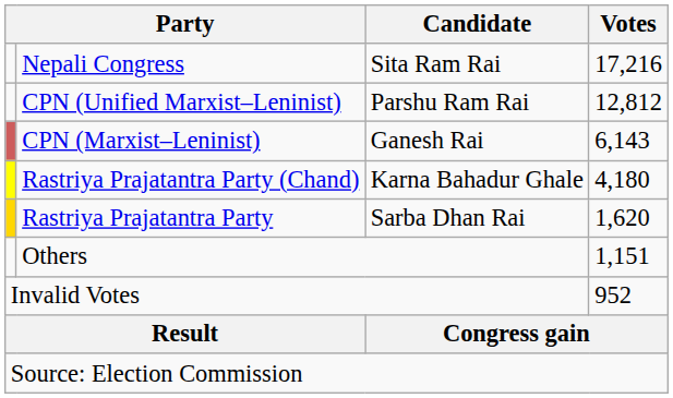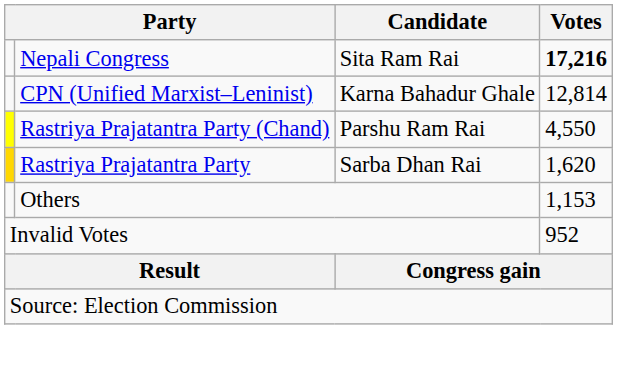 <table class="wikitable">
 <tr>
 <th colspan="2">Party</th>
 <th>Candidate</th>
 <th>Votes</th>
 </tr>
 <tr>
 <td style="background-color:"></td>
 <td><a href='#'>Nepali Congress</a></td>
 <td>Sita Ram Rai</td>
-<td>17,216</td>
+<td><strong>17,216</strong></td>
 </tr>
 <tr>
 <td style="background-color:"></td>
 <td><a href='#'>CPN (Unified Marxist–Leninist)</a></td>
-<td>Parshu Ram Rai</td>
-<td>12,812</td>
-</tr>
-<tr>
-<td style="background-color:indianred"></td>
-<td><a href='#'>CPN (Marxist–Leninist)</a></td>
-<td>Ganesh Rai</td>
-<td>6,143</td>
+<td>Karna Bahadur Ghale</td>
+<td>12,814</td>
 </tr>
 <tr>
 <td style="background-color:yellow"></td>
 <td><a href='#'>Rastriya Prajatantra Party (Chand)</a></td>
-<td>Karna Bahadur Ghale</td>
-<td>4,180</td>
+<td>Parshu Ram Rai</td>
+<td>4,550</td>
 </tr>
 <tr>
 <td style="background-color:gold"></td>
 <td><a href='#'>Rastriya Prajatantra Party</a></td>
 <td>Sarba Dhan Rai</td>
 <td>1,620</td>
 </tr>
 <tr>
 <td></td>
 <td colspan="2">Others</td>
-<td>1,151</td>
+<td>1,153</td>
 </tr>
 <tr>
 <td colspan="3">Invalid Votes</td>
 <td>952</td>
 </tr>
 <tr>
 <th colspan="2">Result</th>
 <th colspan="2">Congress gain</th>
 </tr>
 <tr>
 <td colspan="4">Source: Election Commission</td>
 </tr>
 </table>
